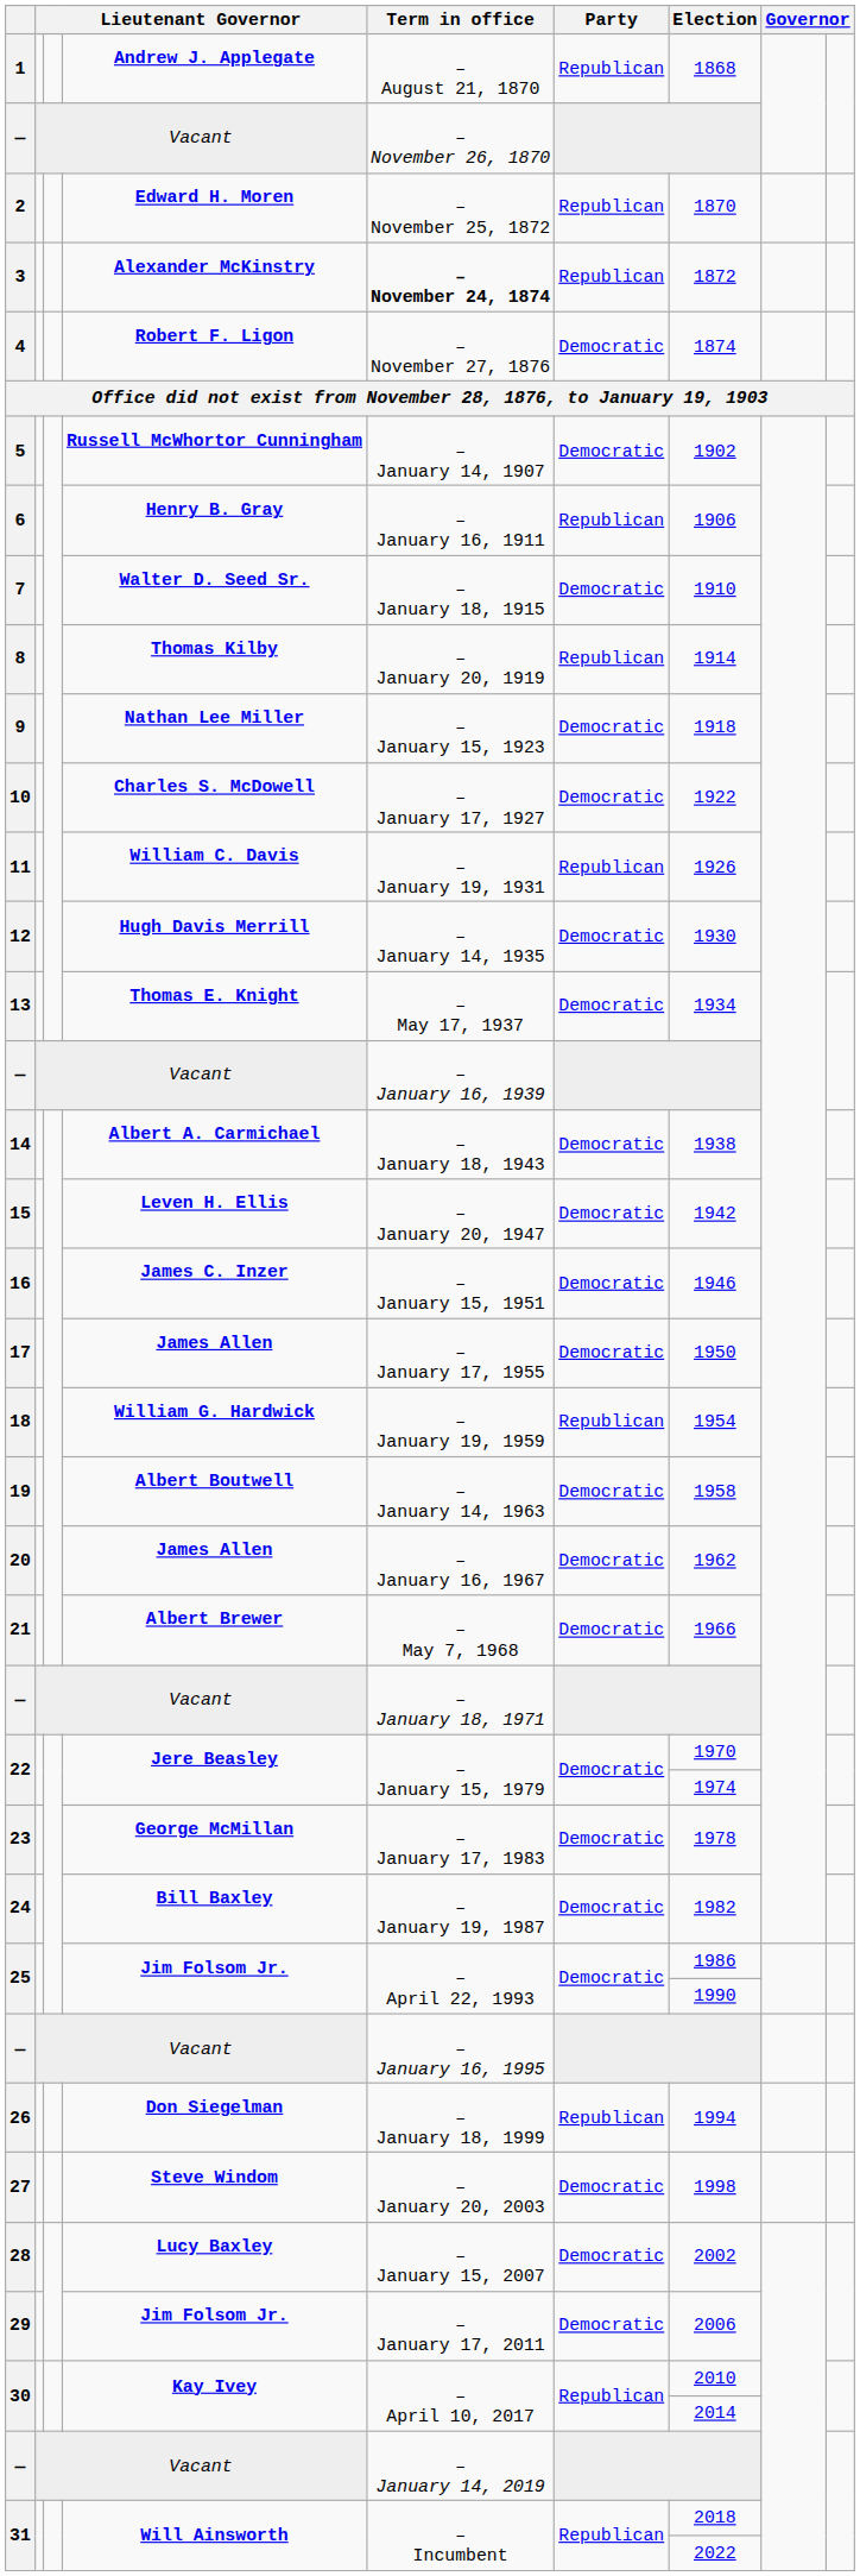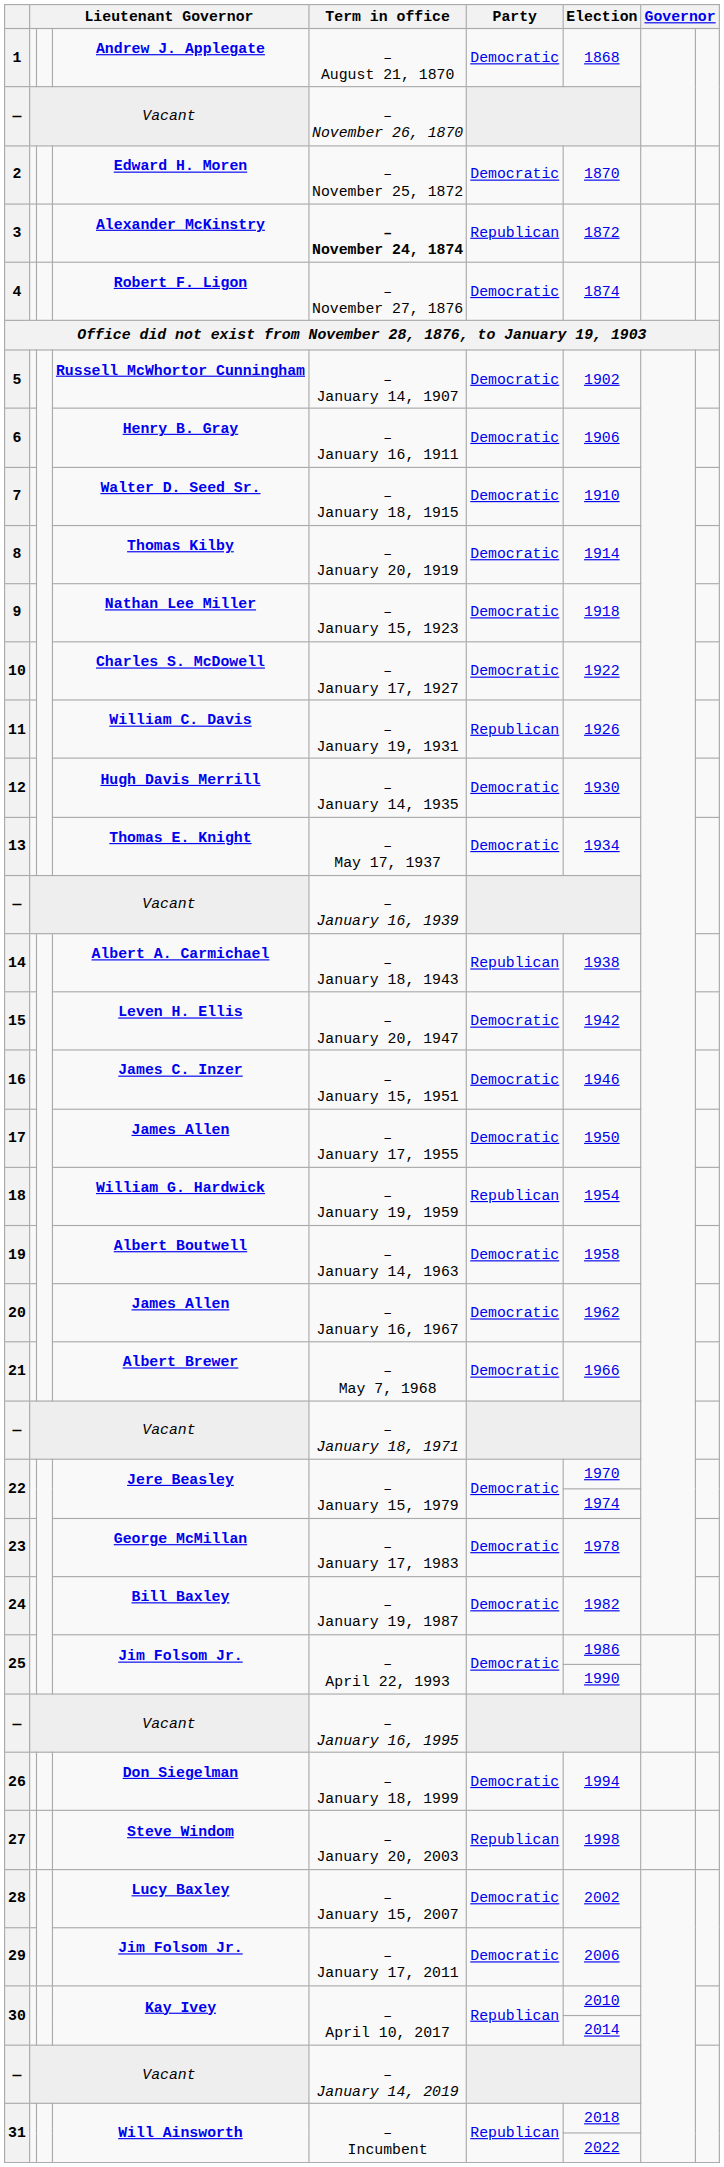 <table class="wikitable sortable mw-datatable sticky-header-multi" style="text-align:center;">
 <tr>
 <th scope="col" data-sort-type="number"></th>
 <th scope="col" colspan="3">Lieutenant Governor</th>
 <th scope="col">Term in office</th>
 <th scope="col">Party</th>
 <th scope="col">Election</th>
 <th scope="colgroup" colspan="2"><a href='#'>Governor</a></th>
 </tr>
 <tr style="height:2em;">
 <th scope="row">1</th>
 <td data-sort-value="Applegate, Andrew"></td>
 <td style="background:"> </td>
 <td><strong><a href='#'>Andrew J. Applegate</a></strong><br><br></td>
 <td><br>–<br>August 21, 1870<br></td>
-<td><a href='#'>Republican</a></td>
+<td><a href='#'>Democratic</a></td>
 <td><a href='#'>1868</a></td>
 <td rowspan="2" style="background:"> </td>
 <td rowspan="2"></td>
 </tr>
 <tr style="height:2em;">
 <th scope="row">—</th>
 <td colspan="3" style="background:#EEEEEE;"><em>Vacant</em></td>
 <td><em><br>–<br>November 26, 1870</em></td>
 <td colspan="2" style="background:#EEEEEE;"></td>
 </tr>
 <tr style="height:2em;">
 <th scope="row">2</th>
 <td data-sort-value="Moren, Edward"></td>
 <td style="background:"></td>
 <td><strong><a href='#'>Edward H. Moren</a></strong><br><br></td>
 <td><br>–<br>November 25, 1872<br></td>
-<td><a href='#'>Republican</a></td>
+<td><a href='#'>Democratic</a></td>
 <td><a href='#'>1870</a></td>
 <td style="background:"></td>
 <td></td>
 </tr>
 <tr style="height:2em;">
 <th scope="row">3</th>
 <td data-sort-value="McKinstry, Alexander"></td>
 <td style="background:"></td>
 <td><strong><a href='#'>Alexander McKinstry</a></strong><br><br></td>
 <td><strong><br>–<br>November 24, 1874<br></strong></td>
 <td><a href='#'>Republican</a></td>
 <td><a href='#'>1872</a></td>
 <td style="background:"></td>
 <td></td>
 </tr>
 <tr style="height:2em;">
 <th scope="row">4</th>
 <td data-sort-value="Ligon, Robert"></td>
 <td style="background:"></td>
 <td><strong><a href='#'>Robert F. Ligon</a></strong><br><br></td>
 <td><br>–<br>November 27, 1876<br></td>
 <td><a href='#'>Democratic</a></td>
 <td><a href='#'>1874</a></td>
 <td style="background:"></td>
 <td></td>
 </tr>
 <tr style="height:2em;">
 <th scope="row" colspan="9"><em>Office did not exist from November 28, 1876, to January 19, 1903</em></th>
 </tr>
 <tr style="height:2em;">
 <th scope="row">5</th>
 <td data-sort-value="Cunningham, Russell"></td>
 <td rowspan="9" style="background:"></td>
 <td><strong><a href='#'>Russell McWhortor Cunningham</a></strong><br><br></td>
 <td><br>–<br>January 14, 1907<br></td>
 <td><a href='#'>Democratic</a></td>
 <td><a href='#'>1902</a></td>
 <td rowspan="23" style="background:"></td>
 <td></td>
 </tr>
 <tr style="height:2em;">
 <th scope="row">6</th>
 <td data-sort-value="Gray, Henry"></td>
 <td><strong><a href='#'>Henry B. Gray</a></strong><br><br></td>
 <td><br>–<br>January 16, 1911<br></td>
-<td><a href='#'>Republican</a></td>
+<td><a href='#'>Democratic</a></td>
 <td><a href='#'>1906</a></td>
 <td></td>
 </tr>
 <tr style="height:2em;">
 <th scope="row">7</th>
 <td data-sort-value="Seed, Walter"></td>
 <td><strong><a href='#'>Walter D. Seed Sr.</a></strong><br><br></td>
 <td><br>–<br>January 18, 1915<br></td>
 <td><a href='#'>Democratic</a></td>
 <td><a href='#'>1910</a></td>
 <td></td>
 </tr>
 <tr style="height:2em;">
 <th scope="row">8</th>
 <td data-sort-value="Kilby, Thomas"></td>
 <td><strong><a href='#'>Thomas Kilby</a></strong><br><br></td>
 <td><br>–<br>January 20, 1919<br></td>
-<td><a href='#'>Republican</a></td>
+<td><a href='#'>Democratic</a></td>
 <td><a href='#'>1914</a></td>
 <td></td>
 </tr>
 <tr style="height:2em;">
 <th scope="row">9</th>
 <td data-sort-value="Miller, Nathan"></td>
 <td><strong><a href='#'>Nathan Lee Miller</a></strong><br><br></td>
 <td><br>–<br>January 15, 1923<br></td>
 <td><a href='#'>Democratic</a></td>
 <td><a href='#'>1918</a></td>
 <td></td>
 </tr>
 <tr style="height:2em;">
 <th scope="row">10</th>
 <td data-sort-value="McDowell, Charles"></td>
 <td><strong><a href='#'>Charles S. McDowell</a></strong><br><br></td>
 <td><br>–<br>January 17, 1927<br></td>
 <td><a href='#'>Democratic</a></td>
 <td><a href='#'>1922</a></td>
 <td></td>
 </tr>
 <tr style="height:2em;">
 <th scope="row">11</th>
 <td data-sort-value="Davis, William"></td>
 <td><strong><a href='#'>William C. Davis</a></strong><br><br></td>
 <td><br>–<br>January 19, 1931<br></td>
 <td><a href='#'>Republican</a></td>
 <td><a href='#'>1926</a></td>
 <td></td>
 </tr>
 <tr style="height:2em;">
 <th scope="row">12</th>
 <td data-sort-value="Merrill, Hugh"></td>
 <td><strong><a href='#'>Hugh Davis Merrill</a></strong><br><br></td>
 <td><br>–<br>January 14, 1935<br></td>
 <td><a href='#'>Democratic</a></td>
 <td><a href='#'>1930</a></td>
 <td></td>
 </tr>
 <tr style="height:2em;">
 <th scope="row">13</th>
 <td data-sort-value="Knight, Thomas"></td>
 <td><strong><a href='#'>Thomas E. Knight</a></strong><br><br></td>
 <td><br>–<br>May 17, 1937<br></td>
 <td><a href='#'>Democratic</a></td>
 <td><a href='#'>1934</a></td>
 <td rowspan="2"></td>
 </tr>
 <tr style="height:2em;">
 <th scope="row">—</th>
 <td colspan="3" style="background:#EEEEEE;"><em>Vacant</em></td>
 <td><em><br>–<br>January 16, 1939</em></td>
 <td colspan="2" style="background:#EEEEEE;"></td>
 </tr>
 <tr style="height:2em;">
 <th scope="row">14</th>
 <td data-sort-value="Carmichael, Albert"></td>
 <td rowspan="8" style="background:"></td>
 <td><strong><a href='#'>Albert A. Carmichael</a></strong><br><br></td>
 <td><br>–<br>January 18, 1943<br></td>
-<td><a href='#'>Democratic</a></td>
+<td><a href='#'>Republican</a></td>
 <td><a href='#'>1938</a></td>
 <td></td>
 </tr>
 <tr style="height:2em;">
 <th scope="row">15</th>
 <td data-sort-value="Ellis, Leven"></td>
 <td><strong><a href='#'>Leven H. Ellis</a></strong><br><br></td>
 <td><br>–<br>January 20, 1947<br></td>
 <td><a href='#'>Democratic</a></td>
 <td><a href='#'>1942</a></td>
 <td></td>
 </tr>
 <tr style="height:2em;">
 <th scope="row">16</th>
 <td data-sort-value="Inzer, James"></td>
 <td><strong><a href='#'>James C. Inzer</a></strong><br><br></td>
 <td><br>–<br>January 15, 1951<br></td>
 <td><a href='#'>Democratic</a></td>
 <td><a href='#'>1946</a></td>
 <td></td>
 </tr>
 <tr style="height:2em;">
 <th scope="row">17</th>
 <td data-sort-value="Allen, James"></td>
 <td><strong><a href='#'>James Allen</a></strong><br><br></td>
 <td><br>–<br>January 17, 1955<br></td>
 <td><a href='#'>Democratic</a></td>
 <td><a href='#'>1950</a></td>
 <td></td>
 </tr>
 <tr style="height:2em;">
 <th scope="row">18</th>
 <td data-sort-value="Hardwick, William"></td>
 <td><strong><a href='#'>William G. Hardwick</a></strong><br><br></td>
 <td><br>–<br>January 19, 1959<br></td>
 <td><a href='#'>Republican</a></td>
 <td><a href='#'>1954</a></td>
 <td></td>
 </tr>
 <tr style="height:2em;">
 <th scope="row">19</th>
 <td data-sort-value="Boutwell, Albert"></td>
 <td><strong><a href='#'>Albert Boutwell</a></strong><br><br></td>
 <td><br>–<br>January 14, 1963<br></td>
 <td><a href='#'>Democratic</a></td>
 <td><a href='#'>1958</a></td>
 <td></td>
 </tr>
 <tr style="height:2em;">
 <th scope="row">20</th>
 <td data-sort-value="Allen, James"></td>
 <td><strong><a href='#'>James Allen</a></strong><br><br></td>
 <td><br>–<br>January 16, 1967<br></td>
 <td><a href='#'>Democratic</a></td>
 <td><a href='#'>1962</a></td>
 <td></td>
 </tr>
 <tr style="height:2em;">
 <th scope="row">21</th>
 <td data-sort-value="Brewer, Albert"></td>
 <td><strong><a href='#'>Albert Brewer</a></strong><br><br></td>
 <td><br>–<br>May 7, 1968<br></td>
 <td><a href='#'>Democratic</a></td>
 <td><a href='#'>1966</a></td>
 <td><br></td>
 </tr>
 <tr style="height:2em;">
 <th scope="row">—</th>
 <td colspan="3" style="background:#EEEEEE;"><em>Vacant</em></td>
 <td><em><br>–<br>January 18, 1971</em></td>
 <td colspan="2" style="background:#EEEEEE;"></td>
 <td></td>
 </tr>
 <tr style="height:2em;">
 <th scope="rowgroup" rowspan="2">22</th>
 <td rowspan="2" data-sort-value="Beasley, Jere"></td>
 <td rowspan="6" style="background:"></td>
 <td rowspan="2"><strong><a href='#'>Jere Beasley</a></strong><br><br></td>
 <td rowspan="2"><br>–<br>January 15, 1979<br></td>
 <td rowspan="2"><a href='#'>Democratic</a></td>
 <td><a href='#'>1970</a></td>
 <td rowspan="2"></td>
 </tr>
 <tr style="height:2em;">
 <td><a href='#'>1974</a></td>
 </tr>
 <tr style="height:2em;">
 <th scope="row">23</th>
 <td data-sort-value="McMillan, George"></td>
 <td><strong><a href='#'>George McMillan</a></strong><br><br></td>
 <td><br>–<br>January 17, 1983<br></td>
 <td><a href='#'>Democratic</a></td>
 <td><a href='#'>1978</a></td>
 <td></td>
 </tr>
 <tr style="height:2em;">
 <th scope="row">24</th>
 <td data-sort-value="Baxley, Bill"></td>
 <td><strong><a href='#'>Bill Baxley</a></strong><br><br></td>
 <td><br>–<br>January 19, 1987<br></td>
 <td><a href='#'>Democratic</a></td>
 <td><a href='#'>1982</a></td>
 <td></td>
 </tr>
 <tr style="height:2em;">
 <th scope="rowgroup" rowspan="2">25</th>
 <td rowspan="2" data-sort-value="Folsom, Jim 2"></td>
 <td rowspan="2"><strong><a href='#'>Jim Folsom Jr.</a></strong><br><br></td>
 <td rowspan="2"><br>–<br>April 22, 1993<br></td>
 <td rowspan="2"><a href='#'>Democratic</a></td>
 <td><a href='#'>1986</a></td>
 <td rowspan="2" style="background:"></td>
 <td rowspan="2"><br></td>
 </tr>
 <tr style="height:2em;">
 <td><a href='#'>1990</a></td>
 </tr>
 <tr style="height:2em;">
 <th scope="row">—</th>
 <td colspan="3" style="background:#EEEEEE;"><em>Vacant</em></td>
 <td><em><br>–<br>January 16, 1995</em></td>
 <td colspan="2" style="background:#EEEEEE;"></td>
 <td style="background:"></td>
 <td></td>
 </tr>
 <tr style="height:2em;">
 <th scope="row">26</th>
 <td data-sort-value="Siegelman, Don"></td>
 <td style="background:"></td>
 <td><strong><a href='#'>Don Siegelman</a></strong><br><br></td>
 <td><br>–<br>January 18, 1999<br></td>
-<td><a href='#'>Republican</a></td>
+<td><a href='#'>Democratic</a></td>
 <td><a href='#'>1994</a></td>
 <td style="background:"></td>
 <td></td>
 </tr>
 <tr style="height:2em;">
 <th scope="row">27</th>
 <td data-sort-value="Windom, Steve"></td>
 <td style="background:"></td>
 <td><strong><a href='#'>Steve Windom</a></strong><br><br></td>
 <td><br>–<br>January 20, 2003<br></td>
-<td><a href='#'>Democratic</a></td>
+<td><a href='#'>Republican</a></td>
 <td><a href='#'>1998</a></td>
 <td style="background:"></td>
 <td></td>
 </tr>
 <tr style="height:2em;">
 <th scope="row">28</th>
 <td data-sort-value="Baxley, Lucy"></td>
 <td rowspan="2" style="background:"></td>
 <td><strong><a href='#'>Lucy Baxley</a></strong><br><br></td>
 <td><br>–<br>January 15, 2007<br></td>
 <td><a href='#'>Democratic</a></td>
 <td><a href='#'>2002</a></td>
 <td rowspan="7" style="background:"></td>
 <td rowspan="2"></td>
 </tr>
 <tr style="height:2em;">
 <th scope="row">29</th>
 <td data-sort-value="Folsom, Jim 2"></td>
 <td><strong><a href='#'>Jim Folsom Jr.</a></strong><br><br></td>
 <td><br>–<br>January 17, 2011<br></td>
 <td><a href='#'>Democratic</a></td>
 <td><a href='#'>2006</a></td>
 </tr>
 <tr style="height:2em;">
 <th scope="rowgroup" rowspan="2">30</th>
 <td rowspan="2" data-sort-value="Ivey, Kay"></td>
 <td rowspan="2" style="background:"></td>
 <td rowspan="2"><strong><a href='#'>Kay Ivey</a></strong><br><br></td>
 <td rowspan="2"><br>–<br>April 10, 2017<br></td>
 <td rowspan="2"><a href='#'>Republican</a></td>
 <td><a href='#'>2010</a></td>
 <td rowspan="2"><br></td>
 </tr>
 <tr style="height:2em;">
 <td><a href='#'>2014</a></td>
 </tr>
 <tr style="height:2em;">
 <th scope="row">—</th>
 <td colspan="3" style="background:#EEEEEE;"><em>Vacant</em></td>
 <td><em><br>–<br>January 14, 2019</em></td>
 <td colspan="2" style="background:#EEEEEE;"></td>
 <td rowspan="3"></td>
 </tr>
 <tr style="height:2em;">
 <th rowspan="2" scope="rowgroup">31</th>
 <td rowspan="2" data-sort-value="Ainsworth, Will"></td>
 <td rowspan="2" style="background:"></td>
 <td rowspan="2"><strong><a href='#'>Will Ainsworth</a></strong><br></td>
 <td rowspan="2"><br>–<br>Incumbent</td>
 <td rowspan="2"><a href='#'>Republican</a></td>
 <td><a href='#'>2018</a></td>
 </tr>
 <tr style="height:2em;">
 <td><a href='#'>2022</a></td>
 </tr>
 </table>
